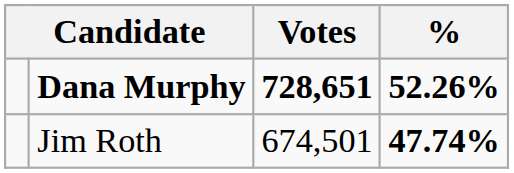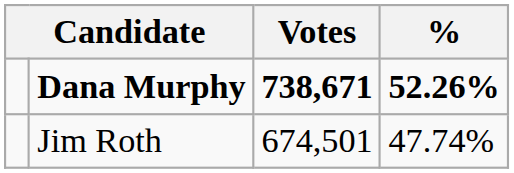 <table class="wikitable">
 <tr>
 <th colspan="2"  style="text-align:center; vertical-align:top;"><strong>Candidate</strong></th>
 <th valign="top"><strong>Votes</strong></th>
 <th valign="top"><strong>%</strong></th>
 </tr>
 <tr>
 <td style="background-color:"> </td>
 <td><strong>Dana Murphy</strong></td>
-<td><strong>728,651</strong></td>
+<td><strong>738,671</strong></td>
 <td><strong>52.26%</strong></td>
 </tr>
 <tr>
 <td style="background-color:"> </td>
 <td>Jim Roth</td>
 <td>674,501</td>
-<td><strong>47.74%</strong></td>
+<td>47.74%</td>
 </tr>
 </table>
